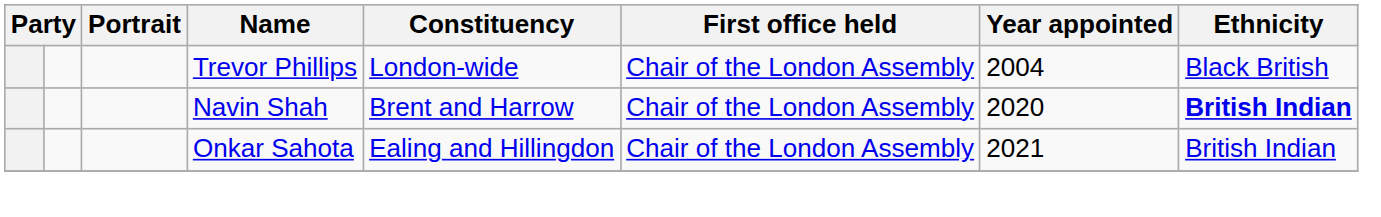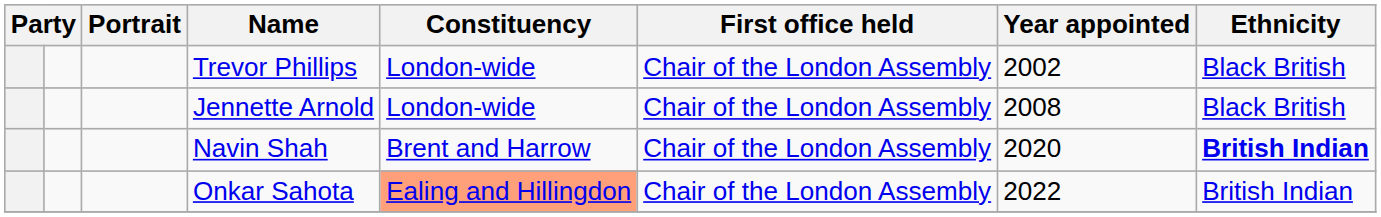 <table class="wikitable sortable">
 <tr>
 <th colspan=2>Party</th>
 <th>Portrait</th>
 <th>Name</th>
 <th>Constituency</th>
 <th>First office held</th>
 <th>Year appointed</th>
 <th>Ethnicity</th>
 </tr>
 <tr>
 <th style="background-color: "></th>
 <td></td>
 <td></td>
 <td><a href='#'>Trevor Phillips</a></td>
 <td><a href='#'>London-wide</a></td>
 <td><a href='#'>Chair of the London Assembly</a></td>
-<td>2004</td>
+<td>2002</td>
+<td><a href='#'>Black British</a></td>
+</tr>
+<tr>
+<th style="background-color: "></th>
+<td></td>
+<td></td>
+<td><a href='#'>Jennette Arnold</a></td>
+<td><a href='#'>London-wide</a></td>
+<td><a href='#'>Chair of the London Assembly</a></td>
+<td>2008</td>
 <td><a href='#'>Black British</a></td>
 </tr>
 <tr>
 <th style="background-color: "></th>
 <td></td>
 <td></td>
 <td><a href='#'>Navin Shah</a></td>
 <td><a href='#'>Brent and Harrow</a></td>
 <td><a href='#'>Chair of the London Assembly</a></td>
 <td>2020</td>
 <td><strong><a href='#'>British Indian</a></strong></td>
 </tr>
 <tr>
 <th style="background-color: "></th>
 <td></td>
 <td></td>
 <td><a href='#'>Onkar Sahota</a></td>
-<td><a href='#'>Ealing and Hillingdon</a></td>
+<td style="background: lightsalmon;"><a href='#'>Ealing and Hillingdon</a></td>
 <td><a href='#'>Chair of the London Assembly</a></td>
-<td>2021</td>
+<td>2022</td>
 <td><a href='#'>British Indian</a></td>
 </tr>
 <tr>
 </tr>
 </table>
